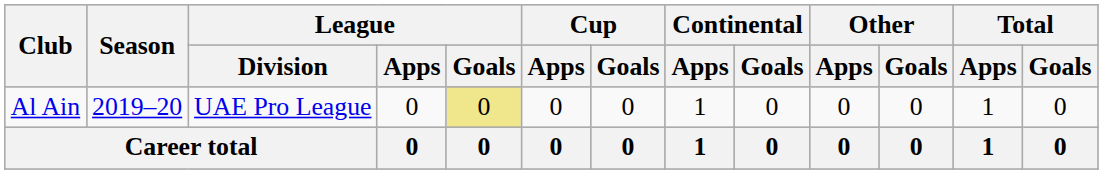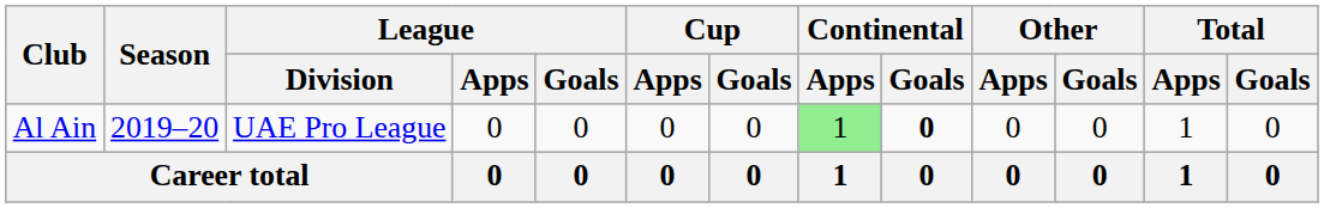 <table class="wikitable" style="text-align: center">
 <tr>
 <th rowspan="2">Club</th>
 <th rowspan="2">Season</th>
 <th colspan="3">League</th>
 <th colspan="2">Cup</th>
 <th colspan="2">Continental</th>
 <th colspan="2">Other</th>
 <th colspan="2">Total</th>
 </tr>
 <tr>
 <th>Division</th>
 <th>Apps</th>
 <th>Goals</th>
 <th>Apps</th>
 <th>Goals</th>
 <th>Apps</th>
 <th>Goals</th>
 <th>Apps</th>
 <th>Goals</th>
 <th>Apps</th>
 <th>Goals</th>
 </tr>
 <tr>
 <td><a href='#'>Al Ain</a></td>
 <td><a href='#'>2019–20</a></td>
 <td><a href='#'>UAE Pro League</a></td>
 <td>0</td>
-<td style="background: khaki;">0</td>
 <td>0</td>
 <td>0</td>
-<td>1</td>
 <td>0</td>
+<td style="background: lightgreen;">1</td>
+<td><strong>0</strong></td>
 <td>0</td>
 <td>0</td>
 <td>1</td>
 <td>0</td>
 </tr>
 <tr>
 <th colspan=3>Career total</th>
 <th>0</th>
 <th>0</th>
 <th>0</th>
 <th>0</th>
 <th>1</th>
 <th>0</th>
 <th>0</th>
 <th>0</th>
 <th>1</th>
 <th>0</th>
 </tr>
 </table>
